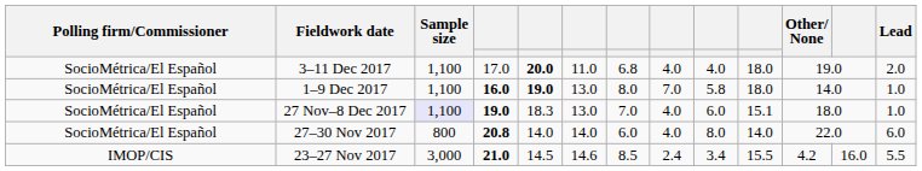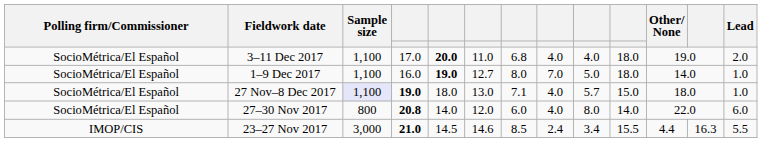 <table class="wikitable collapsible collapsed" style="text-align:center; font-size:90%; line-height:14px;">
 <tr style="height:42px;">
 <th style="width:250px;" rowspan="2">Polling firm/Commissioner</th>
 <th style="width:125px;" rowspan="2">Fieldwork date</th>
 <th style="width:50px;" rowspan="2">Sample size</th>
 <th style="width:35px;"></th>
 <th style="width:35px;"></th>
 <th style="width:35px;"></th>
 <th style="width:35px;"></th>
 <th style="width:35px;"></th>
 <th style="width:35px;"></th>
 <th style="width:35px;"></th>
 <th style="width:35px;" rowspan="2">Other/<br>None</th>
 <th style="width:35px;" rowspan="2"></th>
 <th style="width:30px;" rowspan="2">Lead</th>
 </tr>
 <tr>
 <th style="color:inherit;background:"></th>
 <th style="color:inherit;background:"></th>
 <th style="color:inherit;background:"></th>
 <th style="color:inherit;background:"></th>
 <th style="color:inherit;background:"></th>
 <th style="color:inherit;background:"></th>
 <th style="color:inherit;background:"></th>
 </tr>
 <tr>
 <td>SocioMétrica/El Español</td>
 <td>3–11 Dec 2017</td>
 <td>1,100</td>
 <td>17.0</td>
 <td><strong>20.0</strong></td>
 <td>11.0</td>
 <td>6.8</td>
 <td>4.0</td>
 <td>4.0</td>
 <td>18.0</td>
 <td colspan="2">19.0</td>
 <td style="background:">2.0</td>
 </tr>
 <tr>
 <td>SocioMétrica/El Español</td>
 <td>1–9 Dec 2017</td>
 <td>1,100</td>
-<td><strong>16.0</strong></td>
+<td>16.0</td>
 <td><strong>19.0</strong></td>
-<td>13.0</td>
+<td>12.7</td>
 <td>8.0</td>
 <td>7.0</td>
-<td>5.8</td>
+<td>5.0</td>
 <td>18.0</td>
 <td colspan="2">14.0</td>
 <td style="background:">1.0</td>
 </tr>
 <tr>
 <td>SocioMétrica/El Español</td>
 <td>27 Nov–8 Dec 2017</td>
 <td style="background: lavender;">1,100</td>
 <td><strong>19.0</strong></td>
-<td>18.3</td>
+<td>18.0</td>
 <td>13.0</td>
-<td>7.0</td>
+<td>7.1</td>
 <td>4.0</td>
-<td>6.0</td>
-<td>15.1</td>
+<td>5.7</td>
+<td>15.0</td>
 <td colspan="2">18.0</td>
 <td style="background:">1.0</td>
 </tr>
 <tr>
 <td>SocioMétrica/El Español</td>
 <td>27–30 Nov 2017</td>
 <td>800</td>
 <td><strong>20.8</strong></td>
 <td>14.0</td>
-<td>14.0</td>
+<td>12.0</td>
 <td>6.0</td>
 <td>4.0</td>
 <td>8.0</td>
 <td>14.0</td>
 <td colspan="2">22.0</td>
 <td style="background:">6.0</td>
 </tr>
 <tr>
 <td>IMOP/CIS</td>
 <td>23–27 Nov 2017</td>
 <td>3,000</td>
 <td><strong>21.0</strong></td>
 <td>14.5</td>
 <td>14.6</td>
 <td>8.5</td>
 <td>2.4</td>
 <td>3.4</td>
 <td>15.5</td>
-<td>4.2</td>
-<td>16.0</td>
+<td>4.4</td>
+<td>16.3</td>
 <td style="background:">5.5</td>
 </tr>
 </table>
